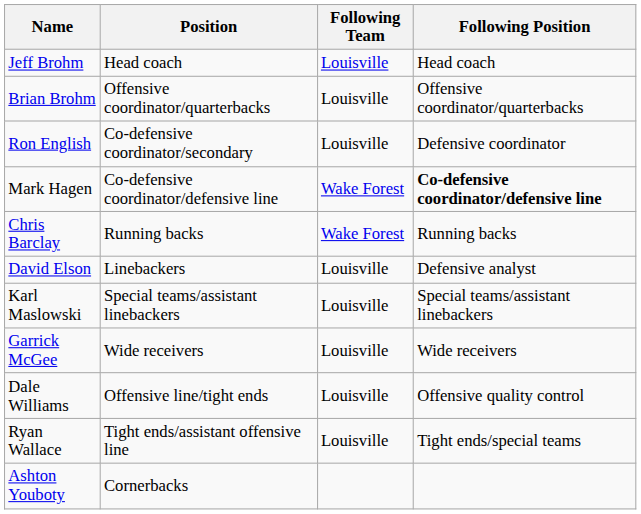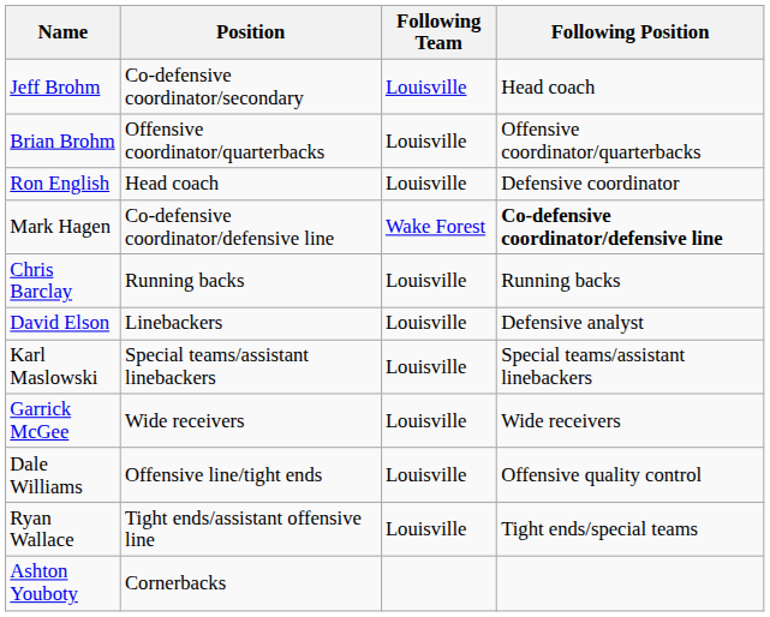 <table class="wikitable">
 <tr>
 <th style="text-align:center; ">Name</th>
 <th style="text-align:center; ">Position</th>
 <th style="text-align:center; ">Following Team</th>
 <th style="text-align:center; ">Following Position</th>
 </tr>
 <tr>
 <td><a href='#'>Jeff Brohm</a></td>
-<td>Head coach</td>
+<td>Co-defensive coordinator/secondary</td>
 <td><a href='#'>Louisville</a></td>
 <td>Head coach</td>
 </tr>
 <tr>
 <td><a href='#'>Brian Brohm</a></td>
 <td>Offensive coordinator/quarterbacks</td>
 <td>Louisville</td>
 <td>Offensive coordinator/quarterbacks</td>
 </tr>
 <tr>
 <td><a href='#'>Ron English</a></td>
-<td>Co-defensive coordinator/secondary</td>
+<td>Head coach</td>
 <td>Louisville</td>
 <td>Defensive coordinator</td>
 </tr>
 <tr>
 <td>Mark Hagen</td>
 <td>Co-defensive coordinator/defensive line</td>
 <td><a href='#'>Wake Forest</a></td>
 <td><strong>Co-defensive coordinator/defensive line</strong></td>
 </tr>
 <tr>
 <td><a href='#'>Chris Barclay</a></td>
 <td>Running backs</td>
-<td><a href='#'>Wake Forest</a></td>
+<td>Louisville</td>
 <td>Running backs</td>
 </tr>
 <tr>
 <td><a href='#'>David Elson</a></td>
 <td>Linebackers</td>
 <td>Louisville</td>
 <td>Defensive analyst</td>
 </tr>
 <tr>
 <td>Karl Maslowski</td>
 <td>Special teams/assistant linebackers</td>
 <td>Louisville</td>
 <td>Special teams/assistant linebackers</td>
 </tr>
 <tr>
 <td><a href='#'>Garrick McGee</a></td>
 <td>Wide receivers</td>
 <td>Louisville</td>
 <td>Wide receivers</td>
 </tr>
 <tr>
 <td>Dale Williams</td>
 <td>Offensive line/tight ends</td>
 <td>Louisville</td>
 <td>Offensive quality control</td>
 </tr>
 <tr>
 <td>Ryan Wallace</td>
 <td>Tight ends/assistant offensive line</td>
 <td>Louisville</td>
 <td>Tight ends/special teams</td>
 </tr>
 <tr>
 <td><a href='#'>Ashton Youboty</a></td>
 <td>Cornerbacks</td>
 <td></td>
 <td></td>
 </tr>
 </table>
